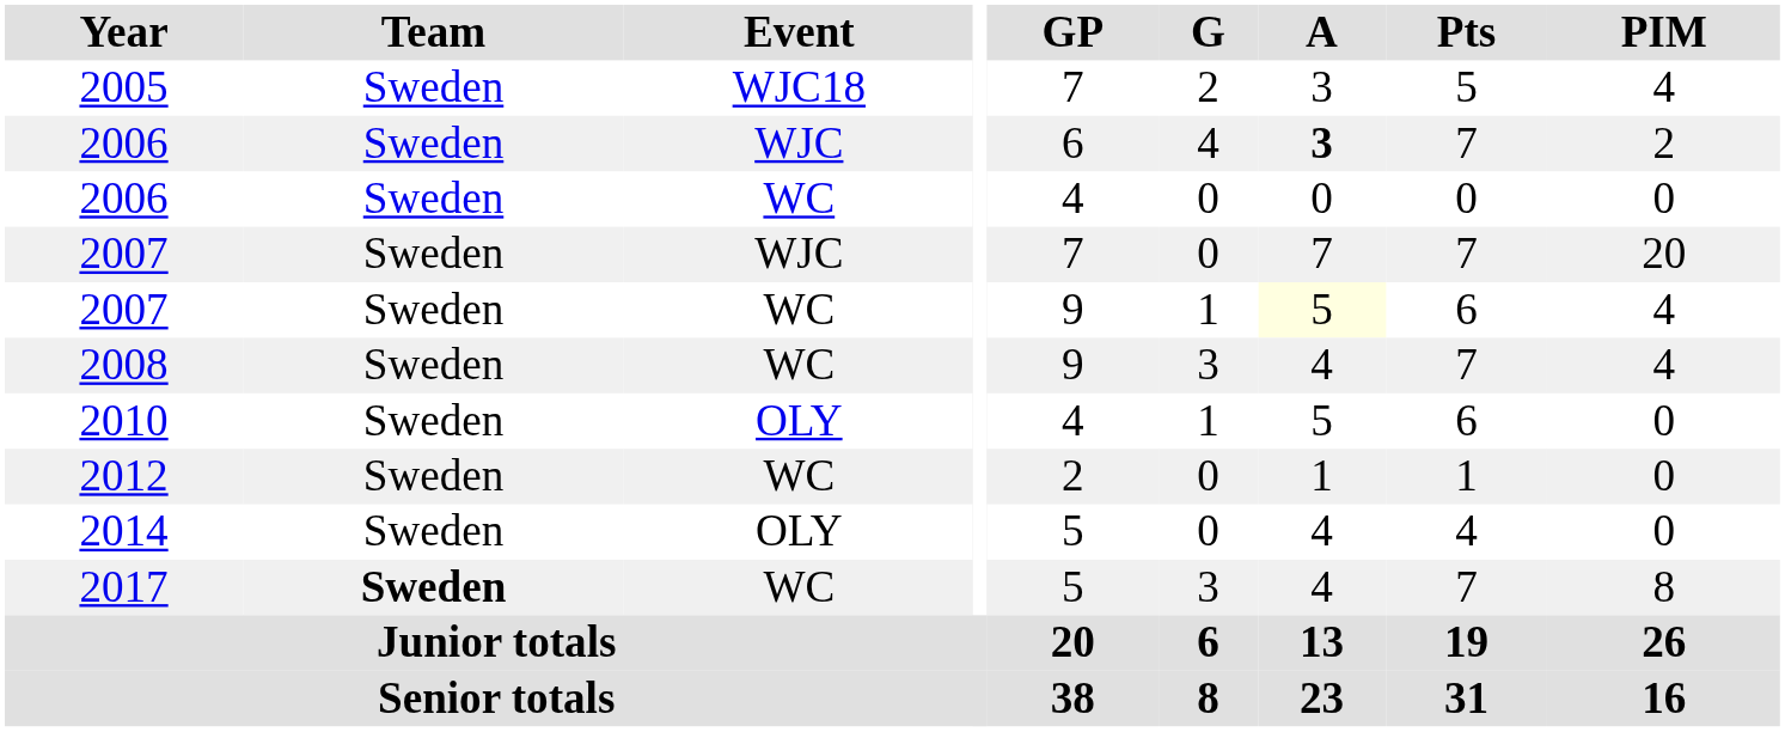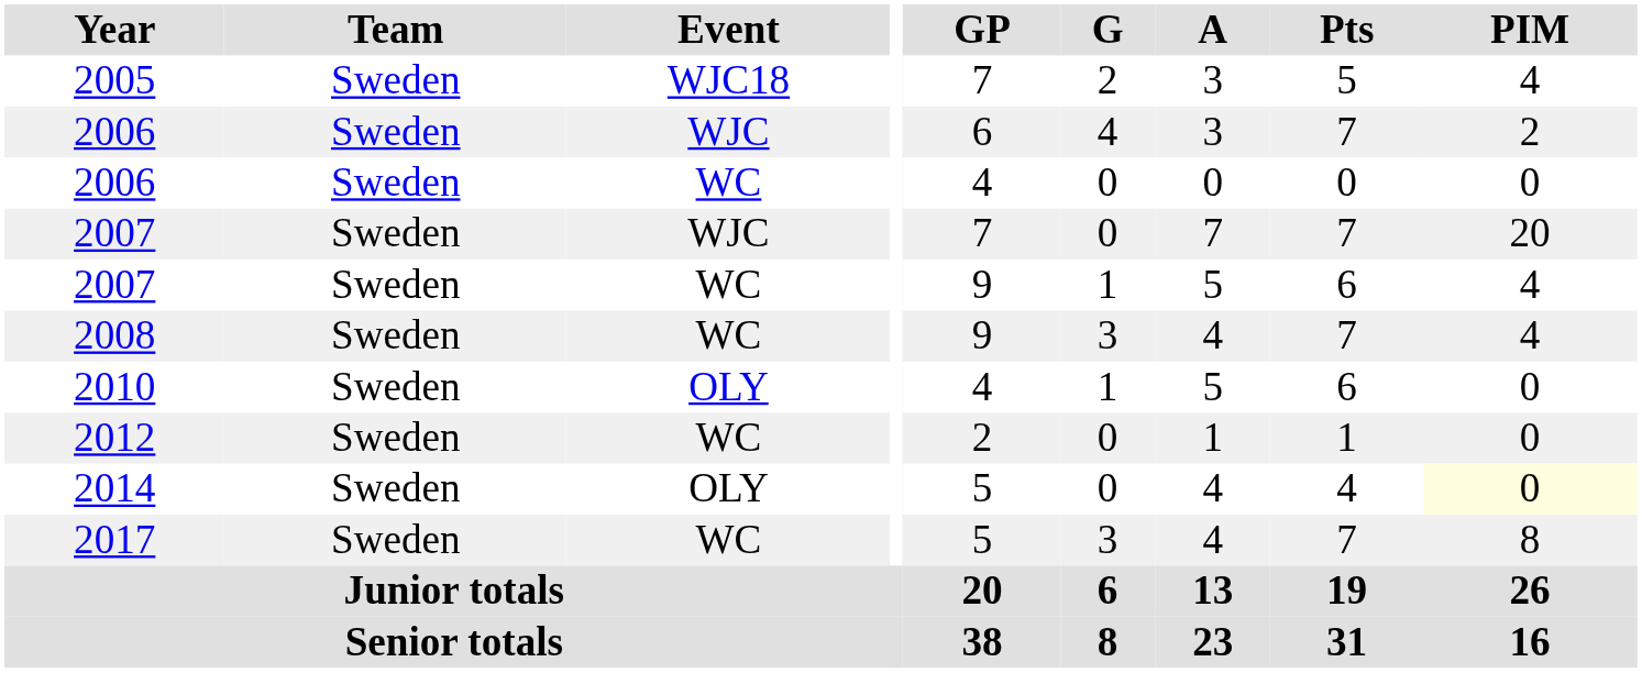 <table border="0" cellpadding="1" cellspacing="0" ID="Table3" style="text-align:center; width:40em">
 <tr bgcolor="#e0e0e0">
 <th>Year</th>
 <th>Team</th>
 <th>Event</th>
 <th rowspan="102" bgcolor="#ffffff"></th>
 <th>GP</th>
 <th>G</th>
 <th>A</th>
 <th>Pts</th>
 <th>PIM</th>
 </tr>
 <tr>
 <td><a href='#'>2005</a></td>
 <td><a href='#'>Sweden</a></td>
 <td><a href='#'>WJC18</a></td>
 <td>7</td>
 <td>2</td>
 <td>3</td>
 <td>5</td>
 <td>4</td>
 </tr>
 <tr bgcolor="#f0f0f0">
 <td><a href='#'>2006</a></td>
 <td><a href='#'>Sweden</a></td>
 <td><a href='#'>WJC</a></td>
 <td>6</td>
 <td>4</td>
-<td><strong>3</strong></td>
+<td>3</td>
 <td>7</td>
 <td>2</td>
 </tr>
 <tr>
 <td><a href='#'>2006</a></td>
 <td><a href='#'>Sweden</a></td>
 <td><a href='#'>WC</a></td>
 <td>4</td>
 <td>0</td>
 <td>0</td>
 <td>0</td>
 <td>0</td>
 </tr>
 <tr bgcolor="#f0f0f0">
 <td><a href='#'>2007</a></td>
 <td>Sweden</td>
 <td>WJC</td>
 <td>7</td>
 <td>0</td>
 <td>7</td>
 <td>7</td>
 <td>20</td>
 </tr>
 <tr>
 <td><a href='#'>2007</a></td>
 <td>Sweden</td>
 <td>WC</td>
 <td>9</td>
 <td>1</td>
-<td style="background: lightyellow;">5</td>
+<td>5</td>
 <td>6</td>
 <td>4</td>
 </tr>
 <tr bgcolor="#f0f0f0">
 <td><a href='#'>2008</a></td>
 <td>Sweden</td>
 <td>WC</td>
 <td>9</td>
 <td>3</td>
 <td>4</td>
 <td>7</td>
 <td>4</td>
 </tr>
 <tr>
 <td><a href='#'>2010</a></td>
 <td>Sweden</td>
 <td><a href='#'>OLY</a></td>
 <td>4</td>
 <td>1</td>
 <td>5</td>
 <td>6</td>
 <td>0</td>
 </tr>
 <tr bgcolor="#f0f0f0">
 <td><a href='#'>2012</a></td>
 <td>Sweden</td>
 <td>WC</td>
 <td>2</td>
 <td>0</td>
 <td>1</td>
 <td>1</td>
 <td>0</td>
 </tr>
 <tr>
 <td><a href='#'>2014</a></td>
 <td>Sweden</td>
 <td>OLY</td>
 <td>5</td>
 <td>0</td>
 <td>4</td>
 <td>4</td>
-<td>0</td>
+<td style="background: lightyellow;">0</td>
 </tr>
 <tr bgcolor="#f0f0f0">
 <td><a href='#'>2017</a></td>
-<td><strong>Sweden</strong></td>
+<td>Sweden</td>
 <td>WC</td>
 <td>5</td>
 <td>3</td>
 <td>4</td>
 <td>7</td>
 <td>8</td>
 </tr>
 <tr bgcolor="#e0e0e0">
 <th colspan="4">Junior totals</th>
 <th>20</th>
 <th>6</th>
 <th>13</th>
 <th>19</th>
 <th>26</th>
 </tr>
 <tr bgcolor="#e0e0e0">
 <th colspan="4">Senior totals</th>
 <th>38</th>
 <th>8</th>
 <th>23</th>
 <th>31</th>
 <th>16</th>
 </tr>
 </table>
